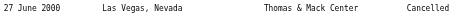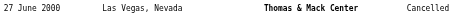 <table cellpadding="2" style="border: 0px solid darkgray; font-size:90%">
 <tr>
 <th width="150"></th>
 <th width="250"></th>
 <th width="220"></th>
 <th width="700"></th>
 </tr>
 <tr border="0">
 <td>27 June 2000</td>
 <td>Las Vegas, Nevada</td>
-<td>Thomas & Mack Center</td>
+<td><strong>Thomas & Mack Center</strong></td>
 <td>Cancelled </td>
 </tr>
 </table>
